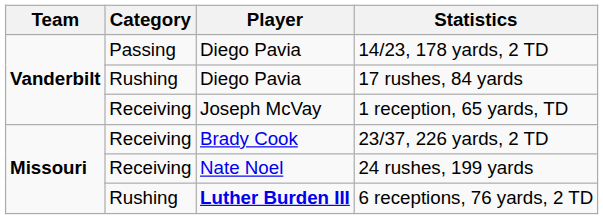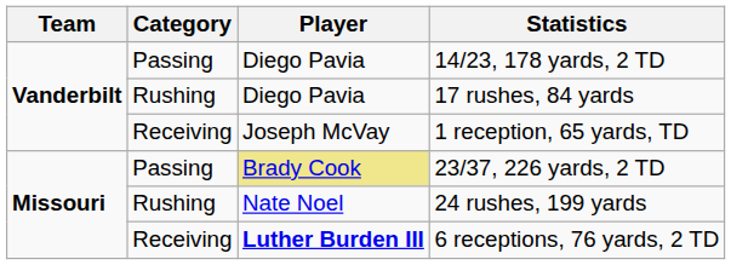 <table class="wikitable" style="float: right;">
 <tr>
 <th>Team</th>
 <th>Category</th>
 <th>Player</th>
 <th>Statistics</th>
 </tr>
 <tr>
 <td rowspan=3><strong>Vanderbilt</strong></td>
 <td>Passing</td>
 <td>Diego Pavia</td>
 <td>14/23, 178 yards, 2 TD</td>
 </tr>
 <tr>
 <td>Rushing</td>
 <td>Diego Pavia</td>
 <td>17 rushes, 84 yards</td>
 </tr>
 <tr>
 <td>Receiving</td>
 <td>Joseph McVay</td>
 <td>1 reception, 65 yards, TD</td>
 </tr>
 <tr>
 <td rowspan=3><strong>Missouri</strong></td>
-<td>Receiving</td>
-<td><a href='#'>Brady Cook</a></td>
+<td>Passing</td>
+<td style="background: khaki;"><a href='#'>Brady Cook</a></td>
 <td>23/37, 226 yards, 2 TD</td>
 </tr>
 <tr>
-<td>Receiving</td>
+<td>Rushing</td>
 <td><a href='#'>Nate Noel</a></td>
 <td>24 rushes, 199 yards</td>
 </tr>
 <tr>
-<td>Rushing</td>
+<td>Receiving</td>
 <td><strong><a href='#'>Luther Burden III</a></strong></td>
 <td>6 receptions, 76 yards, 2 TD</td>
 </tr>
 </table>
